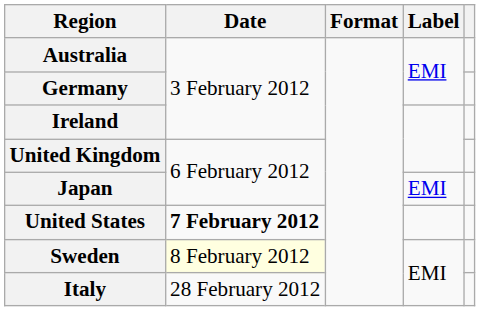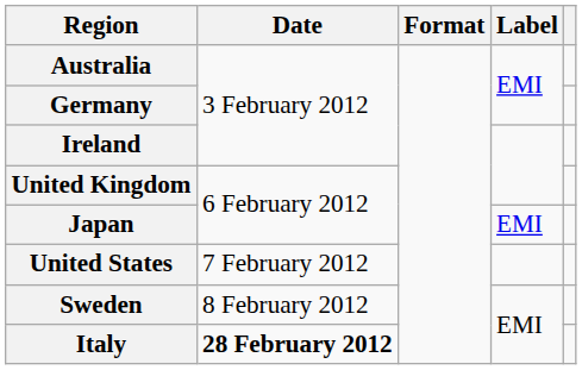 <table class="wikitable plainrowheaders">
 <tr>
 <th scope="col">Region</th>
 <th scope="col">Date</th>
 <th scope="col">Format</th>
 <th scope="col">Label</th>
 <th scope="col"></th>
 </tr>
 <tr>
 <th scope="row">Australia</th>
 <td rowspan="3">3 February 2012</td>
 <td rowspan="8"></td>
 <td rowspan="2"><a href='#'>EMI</a></td>
 <td align="center"></td>
 </tr>
 <tr>
 <th scope="row">Germany</th>
 <td align="center"></td>
 </tr>
 <tr>
 <th scope="row">Ireland</th>
 <td rowspan="2"></td>
 <td align="center"></td>
 </tr>
 <tr>
 <th scope="row">United Kingdom</th>
 <td rowspan="2">6 February 2012</td>
 <td align="center"></td>
 </tr>
 <tr>
 <th scope="row">Japan</th>
 <td><a href='#'>EMI</a></td>
 <td align="center"></td>
 </tr>
 <tr>
 <th scope="row">United States</th>
-<td><strong>7 February 2012</strong></td>
+<td>7 February 2012</td>
 <td></td>
 <td align="center"></td>
 </tr>
 <tr>
 <th scope="row">Sweden</th>
-<td style="background: lightyellow;">8 February 2012</td>
+<td>8 February 2012</td>
 <td rowspan="2">EMI</td>
 <td align="center"></td>
 </tr>
 <tr>
 <th scope="row">Italy</th>
-<td>28 February 2012</td>
+<td><strong>28 February 2012</strong></td>
 <td align="center"></td>
 </tr>
 </table>
